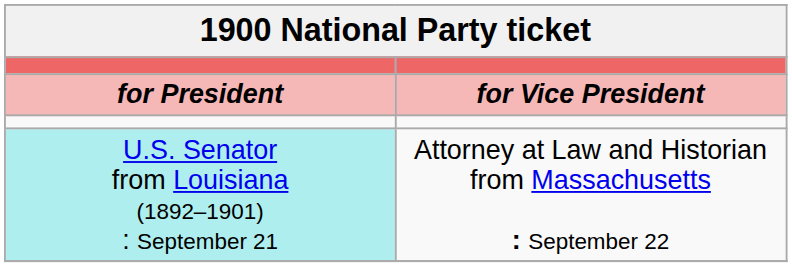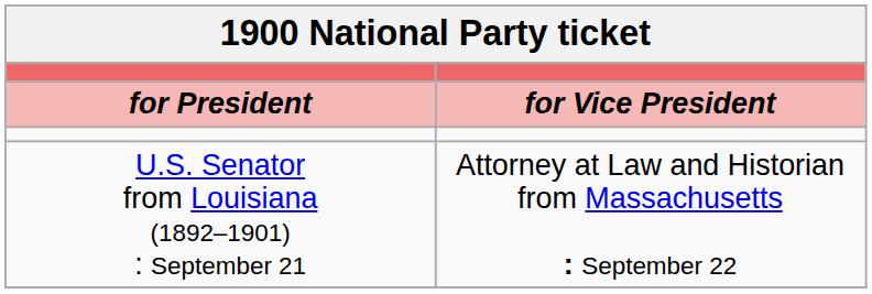 <table class="wikitable" style="font-size:90%; text-align:center;">
 <tr>
 <td style="background:#f1f1f1;" colspan="30"><big><strong>1900 National Party ticket</strong></big></td>
 </tr>
 <tr>
 <th style="width:3em; font-size:135%; background:#EE6666; width:200px;"><a href='#'></a></th>
 <th style="width:3em; font-size:135%; background:#EE6666; width:200px;"><a href='#'></a></th>
 </tr>
 <tr>
 <td style="width:3em; font-size:100%; color:#000; background:#F6B7B7; width:200px;"><strong><em>for President</em></strong></td>
 <td style="width:3em; font-size:100%; color:#000; background:#F6B7B7; width:200px;"><strong><em>for Vice President</em></strong></td>
 </tr>
 <tr>
 <td></td>
 <td></td>
 </tr>
 <tr>
-<td style="background: paleturquoise;"><a href='#'>U.S. Senator</a><br>from <a href='#'>Louisiana</a><br><small>(1892–1901)</small><br><strong></strong>: <small>September 21</small></td>
+<td><a href='#'>U.S. Senator</a><br>from <a href='#'>Louisiana</a><br><small>(1892–1901)</small><br><strong></strong>: <small>September 21</small></td>
 <td>Attorney at Law and Historian<br>from <a href='#'>Massachusetts</a><br><br><strong>: </strong><small>September 22</small></td>
 </tr>
 <tr>
 </tr>
 </table>
